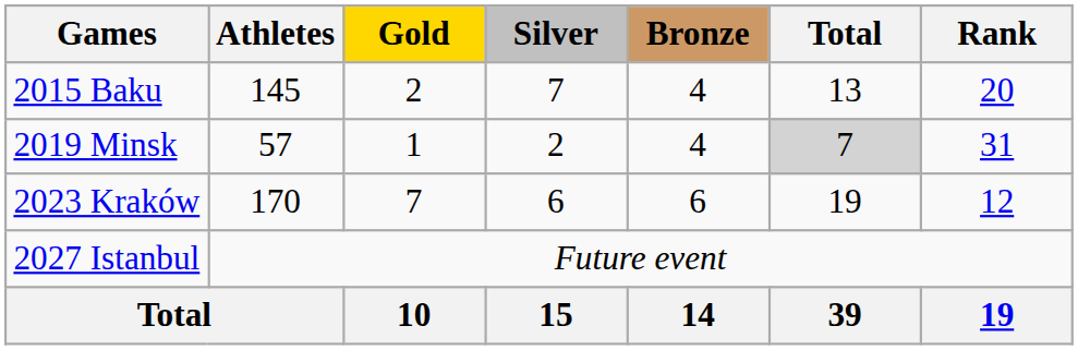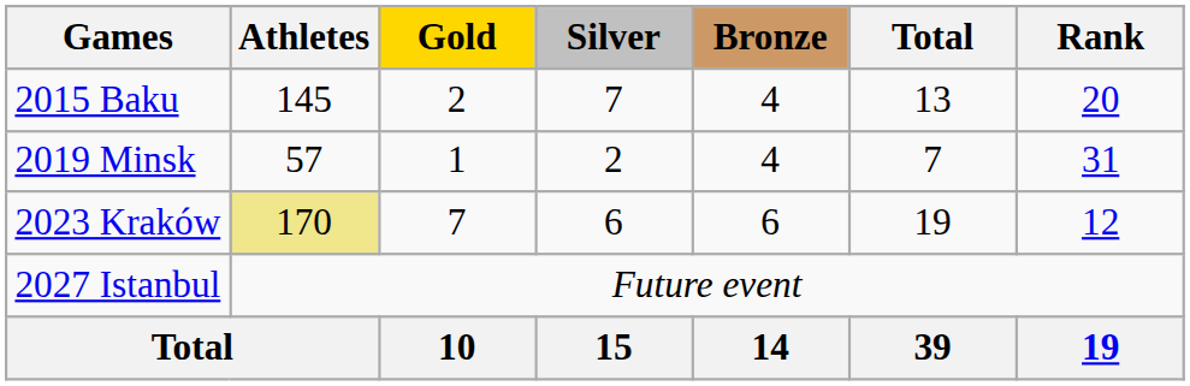 <table class="wikitable" style="text-align:center; font-size:90%;">
 <tr>
 <th>Games</th>
 <th>Athletes</th>
 <td style="background:gold; width:3.7em; font-weight:bold;">Gold</td>
 <td style="background:silver; width:3.7em; font-weight:bold;">Silver</td>
 <td style="background:#cc9966; width:3.7em; font-weight:bold;">Bronze</td>
 <th style="width:4em; font-weight:bold;">Total</th>
 <th style="width:4em; font-weight:bold;">Rank</th>
 </tr>
 <tr>
 <td align=left> <a href='#'>2015 Baku</a></td>
 <td>145</td>
 <td>2</td>
 <td>7</td>
 <td>4</td>
 <td>13</td>
 <td><a href='#'>20</a></td>
 </tr>
 <tr>
 <td align=left> <a href='#'>2019 Minsk</a></td>
 <td>57</td>
 <td>1</td>
 <td>2</td>
 <td>4</td>
-<td style="background: lightgrey;">7</td>
+<td>7</td>
 <td><a href='#'>31</a></td>
 </tr>
 <tr>
 <td align=left> <a href='#'>2023 Kraków</a></td>
-<td>170</td>
+<td style="background: khaki;">170</td>
 <td>7</td>
 <td>6</td>
 <td>6</td>
 <td>19</td>
 <td><a href='#'>12</a></td>
 </tr>
 <tr>
 <td align=left> <a href='#'>2027 Istanbul</a></td>
 <td colspan=6><em>Future event</em></td>
 </tr>
 <tr>
 <th colspan=2>Total</th>
 <th>10</th>
 <th>15</th>
 <th>14</th>
 <th>39</th>
 <th><a href='#'>19</a></th>
 </tr>
 </table>
